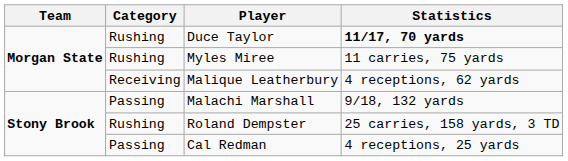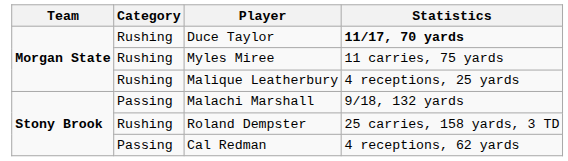 <table class="wikitable" style="float: right;">
 <tr>
 <th>Team</th>
 <th>Category</th>
 <th>Player</th>
 <th>Statistics</th>
 </tr>
 <tr>
 <td rowspan=3><strong>Morgan State</strong></td>
 <td>Rushing</td>
 <td>Duce Taylor</td>
 <td><strong>11/17, 70 yards</strong></td>
 </tr>
 <tr>
 <td>Rushing</td>
 <td>Myles Miree</td>
 <td>11 carries, 75 yards</td>
 </tr>
 <tr>
-<td>Receiving</td>
+<td>Rushing</td>
 <td>Malique Leatherbury</td>
-<td>4 receptions, 62 yards</td>
+<td>4 receptions, 25 yards</td>
 </tr>
 <tr>
 <td rowspan=3><strong>Stony Brook</strong></td>
 <td>Passing</td>
 <td>Malachi Marshall</td>
 <td>9/18, 132 yards</td>
 </tr>
 <tr>
 <td>Rushing</td>
 <td>Roland Dempster</td>
 <td>25 carries, 158 yards, 3 TD</td>
 </tr>
 <tr>
 <td>Passing</td>
 <td>Cal Redman</td>
-<td>4 receptions, 25 yards</td>
+<td>4 receptions, 62 yards</td>
 </tr>
 </table>
